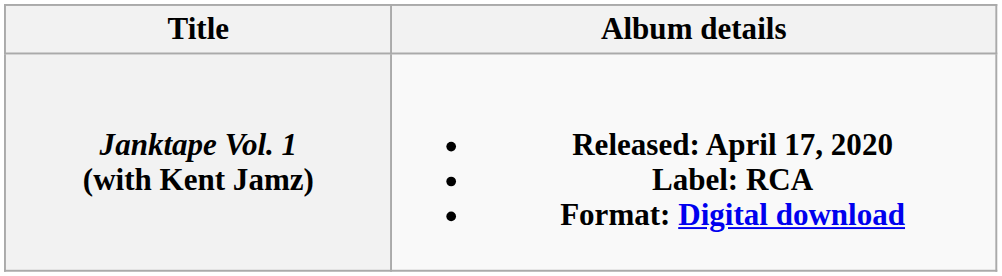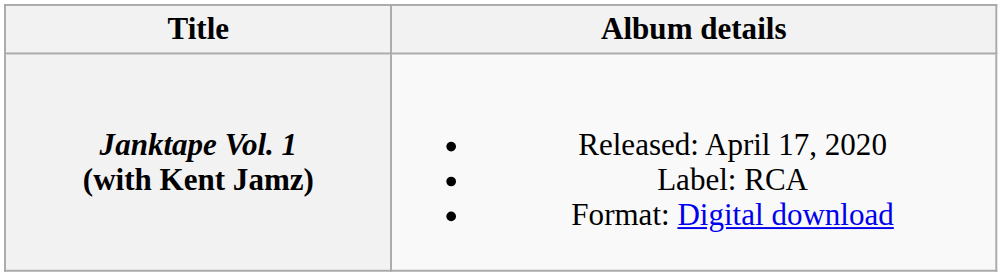 <table class="wikitable plainrowheaders" style="text-align:center;">
 <tr>
 <th scope="col" style="width:12em;">Title</th>
 <th scope="col" style="width:19em;">Album details</th>
 </tr>
 <tr>
 <th scope="row"><em>Janktape Vol. 1</em><br><span>(with Kent Jamz)</span></th>
-<td><strong><br><ul><li>Released: April 17, 2020</li><li>Label: RCA</li><li>Format: <a href='#'>Digital download</a></li></ul></strong></td>
+<td><br><ul><li>Released: April 17, 2020</li><li>Label: RCA</li><li>Format: <a href='#'>Digital download</a></li></ul></td>
 </tr>
 </table>
